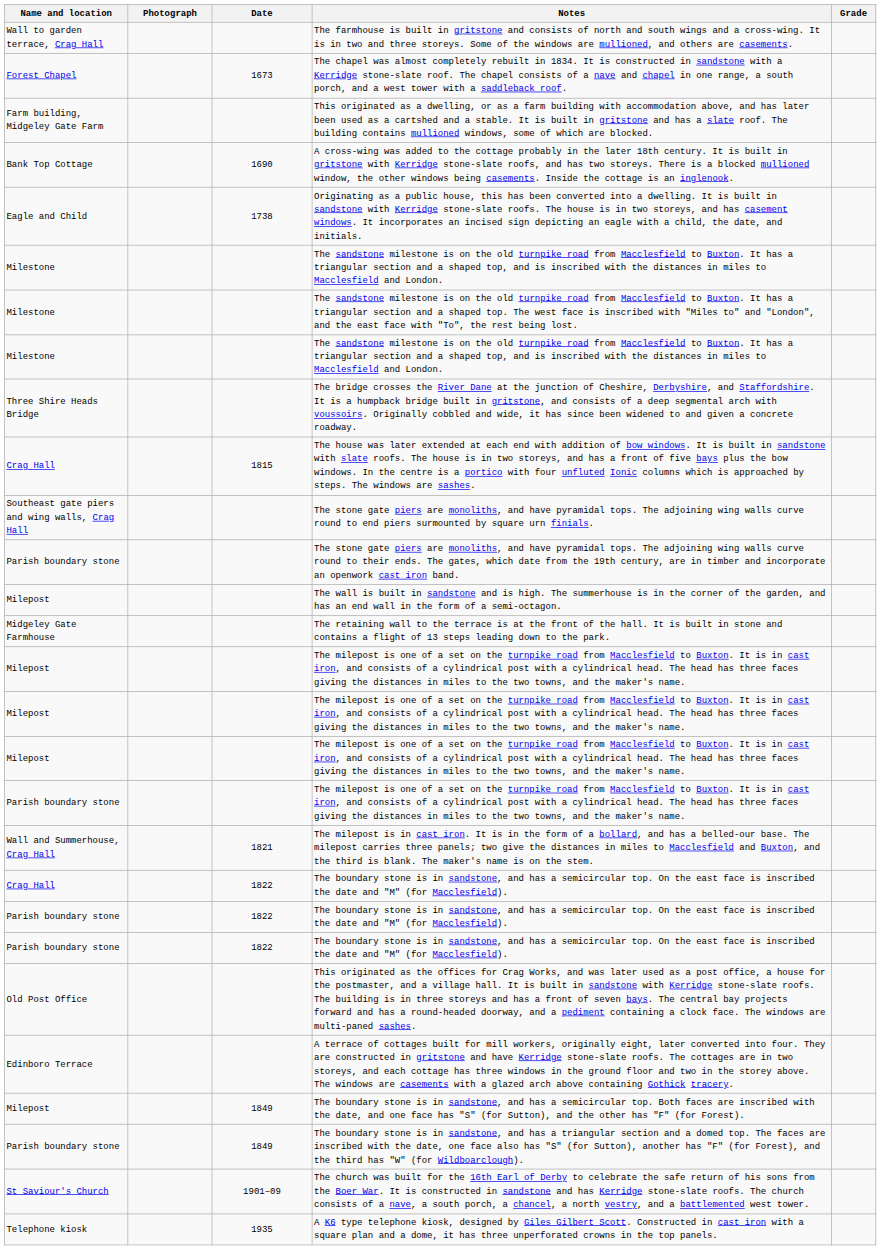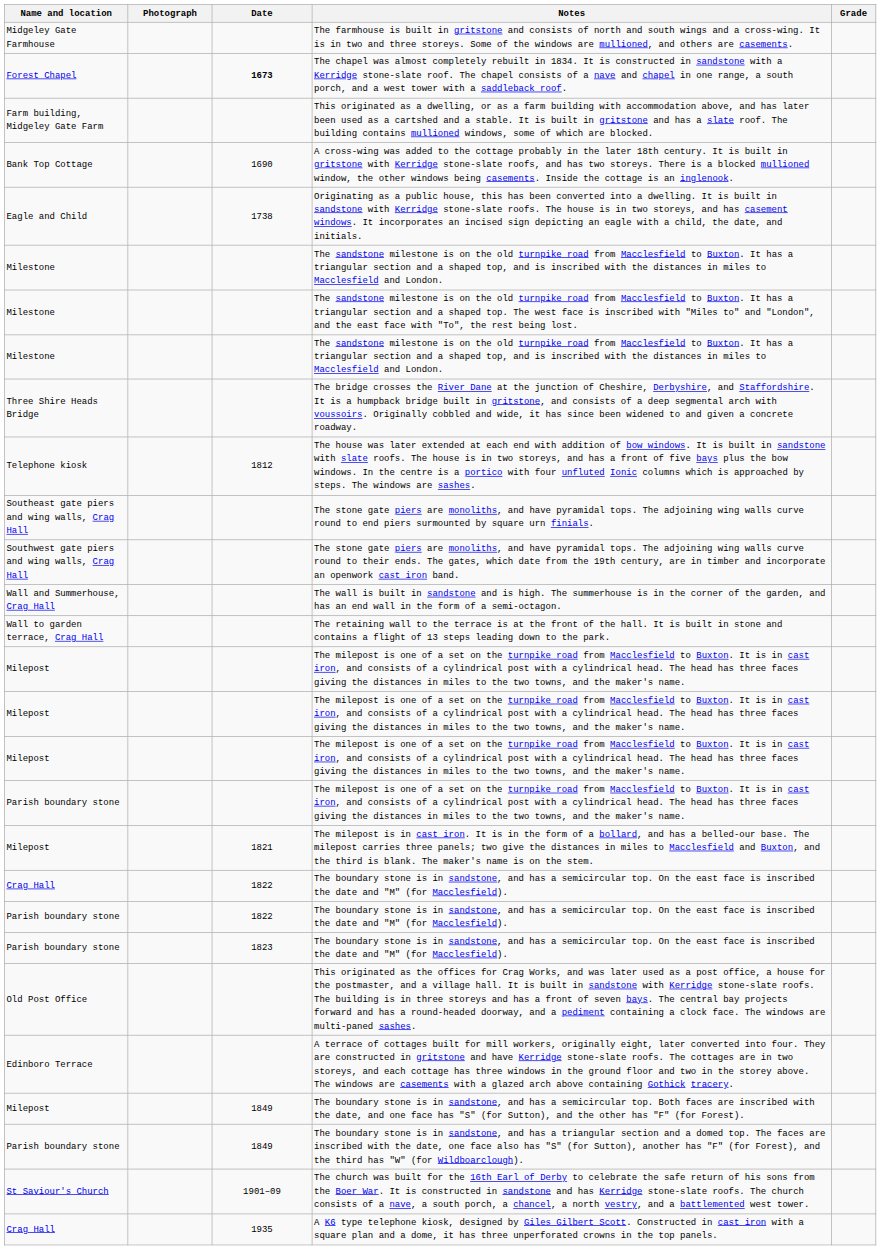 <table class="wikitable sortable plainrowheaders" style="width:100%;border:0px;text-align:left;line-height:150%;">
 <tr>
 <th scope="col" style="width:150px">Name and location</th>
 <th scope="col" style="width:100px" class="unsortable">Photograph</th>
 <th scope="col" style="width:120px">Date</th>
 <th scope="col" style="width:650px" class="unsortable">Notes</th>
 <th scope="col" style="width:50px">Grade</th>
 </tr>
 <tr>
-<td>Wall to garden terrace, <a href='#'>Crag Hall</a><br><small></small></td>
+<td>Midgeley Gate Farmhouse<br><small></small></td>
 <td></td>
 <td align="center"></td>
 <td>The farmhouse is built in <a href='#'>gritstone</a> and consists of north and south wings and a cross-wing. It is in two and three storeys. Some of the windows are <a href='#'>mullioned</a>, and others are <a href='#'>casements</a>.</td>
 <td align="center" ></td>
 </tr>
 <tr>
 <td><a href='#'>Forest Chapel</a><br><small></small></td>
 <td></td>
-<td align="center">1673</td>
+<td align="center"><strong>1673</strong></td>
 <td>The chapel was almost completely rebuilt in 1834. It is constructed in <a href='#'>sandstone</a> with a <a href='#'>Kerridge</a> stone-slate roof. The chapel consists of a <a href='#'>nave</a> and <a href='#'>chapel</a> in one range, a south porch, and a west tower with a <a href='#'>saddleback roof</a>.</td>
 <td align="center" ></td>
 </tr>
 <tr>
 <td>Farm building,<br>Midgeley Gate Farm<br><small></small></td>
 <td></td>
 <td align="center"></td>
 <td>This originated as a dwelling, or as a farm building with accommodation above, and has later been used as a cartshed and a stable. It is built in <a href='#'>gritstone</a> and has a <a href='#'>slate</a> roof. The building contains <a href='#'>mullioned</a> windows, some of which are blocked.</td>
 <td align="center" ></td>
 </tr>
 <tr>
 <td>Bank Top Cottage<br><small></small></td>
 <td></td>
 <td align="center">1690</td>
 <td>A cross-wing was added to the cottage probably in the later 18th century. It is built in <a href='#'>gritstone</a> with <a href='#'>Kerridge</a> stone-slate roofs, and has two storeys. There is a blocked <a href='#'>mullioned</a> window, the other windows being <a href='#'>casements</a>. Inside the cottage is an <a href='#'>inglenook</a>.</td>
 <td align="center" ></td>
 </tr>
 <tr>
 <td>Eagle and Child<br><small></small></td>
 <td></td>
 <td align="center">1738</td>
 <td>Originating as a public house, this has been converted into a dwelling. It is built in <a href='#'>sandstone</a> with <a href='#'>Kerridge</a> stone-slate roofs. The house is in two storeys, and has <a href='#'>casement windows</a>. It incorporates an incised sign depicting an eagle with a child, the date, and initials.</td>
 <td align="center" ></td>
 </tr>
 <tr>
 <td>Milestone<br><small></small></td>
 <td></td>
 <td align="center"></td>
 <td>The <a href='#'>sandstone</a> milestone is on the old <a href='#'>turnpike road</a> from <a href='#'>Macclesfield</a> to <a href='#'>Buxton</a>. It has a triangular section and a shaped top, and is inscribed with the distances in miles to <a href='#'>Macclesfield</a> and London.</td>
 <td align="center" ></td>
 </tr>
 <tr>
 <td>Milestone<br><small></small></td>
 <td></td>
 <td align="center"></td>
 <td>The <a href='#'>sandstone</a> milestone is on the old <a href='#'>turnpike road</a> from <a href='#'>Macclesfield</a> to <a href='#'>Buxton</a>. It has a triangular section and a shaped top. The west face is inscribed with "Miles to" and "London", and the east face with "To", the rest being lost.</td>
 <td align="center" ></td>
 </tr>
 <tr>
 <td>Milestone<br><small></small></td>
 <td></td>
 <td align="center"></td>
 <td>The <a href='#'>sandstone</a> milestone is on the old <a href='#'>turnpike road</a> from <a href='#'>Macclesfield</a> to <a href='#'>Buxton</a>. It has a triangular section and a shaped top, and is inscribed with the distances in miles to <a href='#'>Macclesfield</a> and London.</td>
 <td align="center" ></td>
 </tr>
 <tr>
 <td>Three Shire Heads Bridge<br><small></small></td>
 <td></td>
 <td align="center"></td>
 <td>The bridge crosses the <a href='#'>River Dane</a> at the junction of Cheshire, <a href='#'>Derbyshire</a>, and <a href='#'>Staffordshire</a>. It is a humpback bridge built in <a href='#'>gritstone</a>, and consists of a deep segmental arch with <a href='#'>voussoirs</a>. Originally cobbled and  wide, it has since been widened to  and given a concrete roadway.</td>
 <td align="center" ></td>
 </tr>
 <tr>
-<td><a href='#'>Crag Hall</a><br><small></small></td>
+<td>Telephone kiosk<br><small></small></td>
 <td></td>
-<td align="center">1815</td>
+<td align="center">1812</td>
 <td>The house was later extended at each end with addition of <a href='#'>bow windows</a>. It is built in <a href='#'>sandstone</a> with <a href='#'>slate</a> roofs. The house is in two storeys, and has a front of five <a href='#'>bays</a> plus the bow windows. In the centre is a <a href='#'>portico</a> with four <a href='#'>unfluted</a> <a href='#'>Ionic</a> columns which is approached by steps. The windows are <a href='#'>sashes</a>.</td>
 <td align="center" ></td>
 </tr>
 <tr>
 <td>Southeast gate piers and wing walls, <a href='#'>Crag Hall</a><br><small></small></td>
 <td></td>
 <td align="center"></td>
 <td>The stone gate <a href='#'>piers</a> are <a href='#'>monoliths</a>, and have pyramidal tops. The adjoining wing walls curve round to end piers surmounted by square urn <a href='#'>finials</a>.</td>
 <td align="center" ></td>
 </tr>
 <tr>
-<td>Parish boundary stone<br><small></small></td>
+<td>Southwest gate piers and wing walls, <a href='#'>Crag Hall</a><br><small></small></td>
 <td></td>
 <td align="center"></td>
 <td>The stone gate <a href='#'>piers</a> are <a href='#'>monoliths</a>, and have pyramidal tops. The adjoining wing walls curve round to their ends. The gates, which date from the 19th century, are in timber and incorporate an openwork <a href='#'>cast iron</a> band.</td>
 <td align="center" ></td>
 </tr>
 <tr>
-<td>Milepost<br><small></small></td>
+<td>Wall and Summerhouse, <a href='#'>Crag Hall</a><br><small></small></td>
 <td></td>
 <td align="center"></td>
 <td>The wall is built in <a href='#'>sandstone</a> and is  high. The summerhouse is in the corner of the garden, and has an end wall in the form of a semi-octagon.</td>
 <td align="center" ></td>
 </tr>
 <tr>
-<td>Midgeley Gate Farmhouse<br><small></small></td>
+<td>Wall to garden terrace, <a href='#'>Crag Hall</a><br><small></small></td>
 <td></td>
 <td align="center"></td>
 <td>The retaining wall to the terrace is at the front of the hall. It is built in stone and contains a flight of 13 steps leading down to the park.</td>
 <td align="center" ></td>
 </tr>
 <tr>
 <td>Milepost<br><small></small></td>
 <td></td>
 <td align="center"></td>
 <td>The milepost is one of a set on the <a href='#'>turnpike road</a> from <a href='#'>Macclesfield</a> to <a href='#'>Buxton</a>. It is in <a href='#'>cast iron</a>, and consists of a cylindrical post with a cylindrical head. The head has three faces giving the distances in miles to the two towns, and the maker's name.</td>
 <td align="center" ></td>
 </tr>
 <tr>
 <td>Milepost<br><small></small></td>
 <td></td>
 <td align="center"></td>
 <td>The milepost is one of a set on the <a href='#'>turnpike road</a> from <a href='#'>Macclesfield</a> to <a href='#'>Buxton</a>. It is in <a href='#'>cast iron</a>, and consists of a cylindrical post with a cylindrical head. The head has three faces giving the distances in miles to the two towns, and the maker's name.</td>
 <td align="center" ></td>
 </tr>
 <tr>
 <td>Milepost<br><small></small></td>
 <td></td>
 <td align="center"></td>
 <td>The milepost is one of a set on the <a href='#'>turnpike road</a> from <a href='#'>Macclesfield</a> to <a href='#'>Buxton</a>. It is in <a href='#'>cast iron</a>, and consists of a cylindrical post with a cylindrical head. The head has three faces giving the distances in miles to the two towns, and the maker's name.</td>
 <td align="center" ></td>
 </tr>
 <tr>
 <td>Parish boundary stone<br><small></small></td>
 <td></td>
 <td align="center"></td>
 <td>The milepost is one of a set on the <a href='#'>turnpike road</a> from <a href='#'>Macclesfield</a> to <a href='#'>Buxton</a>. It is in <a href='#'>cast iron</a>, and consists of a cylindrical post with a cylindrical head. The head has three faces giving the distances in miles to the two towns, and the maker's name.</td>
 <td align="center" ></td>
 </tr>
 <tr>
-<td>Wall and Summerhouse, <a href='#'>Crag Hall</a><br><small></small></td>
+<td>Milepost<br><small></small></td>
 <td></td>
 <td align="center">1821</td>
 <td>The milepost is in <a href='#'>cast iron</a>. It is in the form of a <a href='#'>bollard</a>, and has a belled-our base. The milepost carries three panels; two give the distances in miles to <a href='#'>Macclesfield</a> and <a href='#'>Buxton</a>, and the third is blank. The maker's name is on the stem.</td>
 <td align="center" ></td>
 </tr>
 <tr>
 <td><a href='#'>Crag Hall</a><br><small></small></td>
 <td></td>
 <td align="center">1822</td>
 <td>The boundary stone is in <a href='#'>sandstone</a>, and has a semicircular top. On the east face is inscribed the date and "M" (for <a href='#'>Macclesfield</a>).</td>
 <td align="center" ></td>
 </tr>
 <tr>
 <td>Parish boundary stone<br><small></small></td>
 <td></td>
 <td align="center">1822</td>
 <td>The boundary stone is in <a href='#'>sandstone</a>, and has a semicircular top. On the east face is inscribed the date and "M" (for <a href='#'>Macclesfield</a>).</td>
 <td align="center" ></td>
 </tr>
 <tr>
 <td>Parish boundary stone<br><small></small></td>
 <td></td>
-<td align="center">1822</td>
+<td align="center">1823</td>
 <td>The boundary stone is in <a href='#'>sandstone</a>, and has a semicircular top. On the east face is inscribed the date and "M" (for <a href='#'>Macclesfield</a>).</td>
 <td align="center" ></td>
 </tr>
 <tr>
 <td>Old Post Office<br><small></small></td>
 <td></td>
 <td align="center"></td>
 <td>This originated as the offices for Crag Works, and was later used as a post office, a house for the postmaster, and a village hall. It is built in <a href='#'>sandstone</a> with <a href='#'>Kerridge</a> stone-slate roofs. The building is in three storeys and has a front of seven <a href='#'>bays</a>. The central bay projects forward and has a round-headed doorway, and a <a href='#'>pediment</a> containing a clock face. The windows are multi-paned <a href='#'>sashes</a>.</td>
 <td align="center" ></td>
 </tr>
 <tr>
 <td>Edinboro Terrace<br><small></small></td>
 <td></td>
 <td align="center"></td>
 <td>A terrace of cottages built for mill workers, originally eight, later converted into four. They are constructed in <a href='#'>gritstone</a> and have <a href='#'>Kerridge</a> stone-slate roofs. The cottages are in two storeys, and each cottage has three windows in the ground floor and two in the storey above. The windows are <a href='#'>casements</a> with a glazed arch above containing <a href='#'>Gothick</a> <a href='#'>tracery</a>.</td>
 <td align="center" ></td>
 </tr>
 <tr>
 <td>Milepost<br><small></small></td>
 <td></td>
 <td align="center">1849</td>
 <td>The boundary stone is in <a href='#'>sandstone</a>, and has a semicircular top. Both faces are inscribed with the date, and one face has "S" (for Sutton), and the other has "F" (for Forest).</td>
 <td align="center" ></td>
 </tr>
 <tr>
 <td>Parish boundary stone<br><small></small></td>
 <td></td>
 <td align="center">1849</td>
 <td>The boundary stone is in <a href='#'>sandstone</a>, and has a triangular section and a domed top. The faces are inscribed with the date, one face also has "S" (for Sutton), another has "F" (for Forest), and the third has "W" (for <a href='#'>Wildboarclough</a>).</td>
 <td align="center" ></td>
 </tr>
 <tr>
 <td><a href='#'>St Saviour's Church</a><br><small></small></td>
 <td></td>
 <td align="center">1901–09</td>
 <td>The church was built for the <a href='#'>16th Earl of Derby</a> to celebrate the safe return of his sons from the <a href='#'>Boer War</a>. It is constructed in <a href='#'>sandstone</a> and has <a href='#'>Kerridge</a> stone-slate roofs. The church consists of a <a href='#'>nave</a>, a south porch, a <a href='#'>chancel</a>, a north <a href='#'>vestry</a>, and a <a href='#'>battlemented</a> west tower.</td>
 <td align="center" ></td>
 </tr>
 <tr>
-<td>Telephone kiosk<br><small></small></td>
+<td><a href='#'>Crag Hall</a><br><small></small></td>
 <td></td>
 <td align="center">1935</td>
 <td>A <a href='#'>K6</a> type telephone kiosk, designed by <a href='#'>Giles Gilbert Scott</a>. Constructed in <a href='#'>cast iron</a> with a square plan and a dome, it has three unperforated crowns in the top panels.</td>
 <td align="center" ></td>
 </tr>
 <tr>
 </tr>
 </table>
